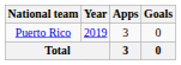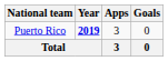 <table class="wikitable" style="text-align:center">
 <tr>
 <th>National team</th>
 <th>Year</th>
 <th>Apps</th>
 <th>Goals</th>
 </tr>
 <tr>
 <td><a href='#'>Puerto Rico</a></td>
-<td><a href='#'>2019</a></td>
+<td><strong><a href='#'>2019</a></strong></td>
 <td>3</td>
 <td>0</td>
 </tr>
 <tr>
 <th colspan=2>Total</th>
 <th>3</th>
 <th>0</th>
 </tr>
 </table>
